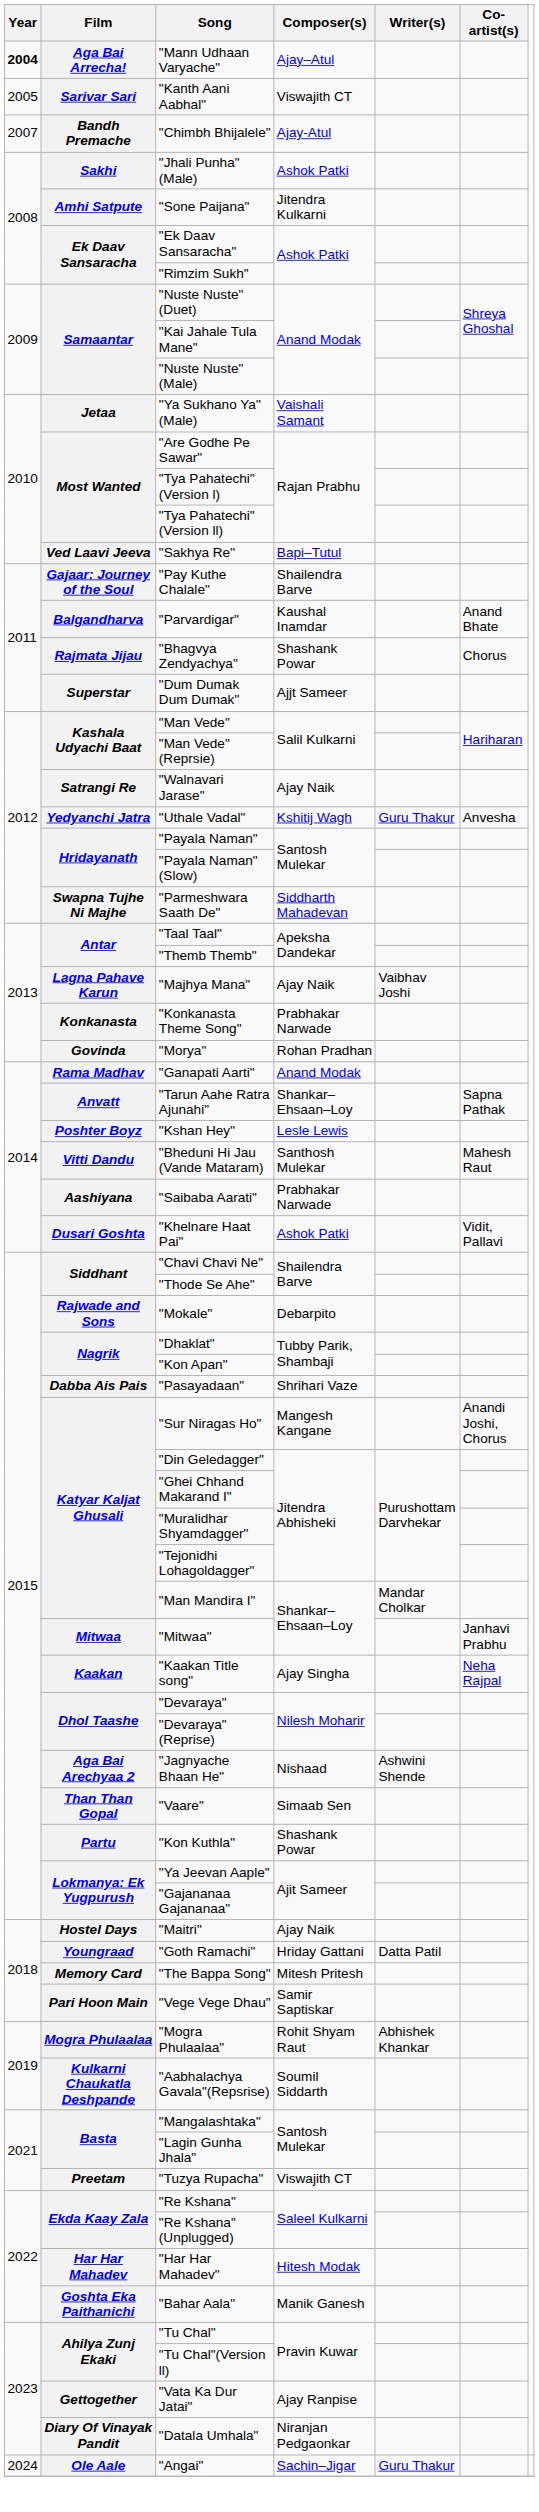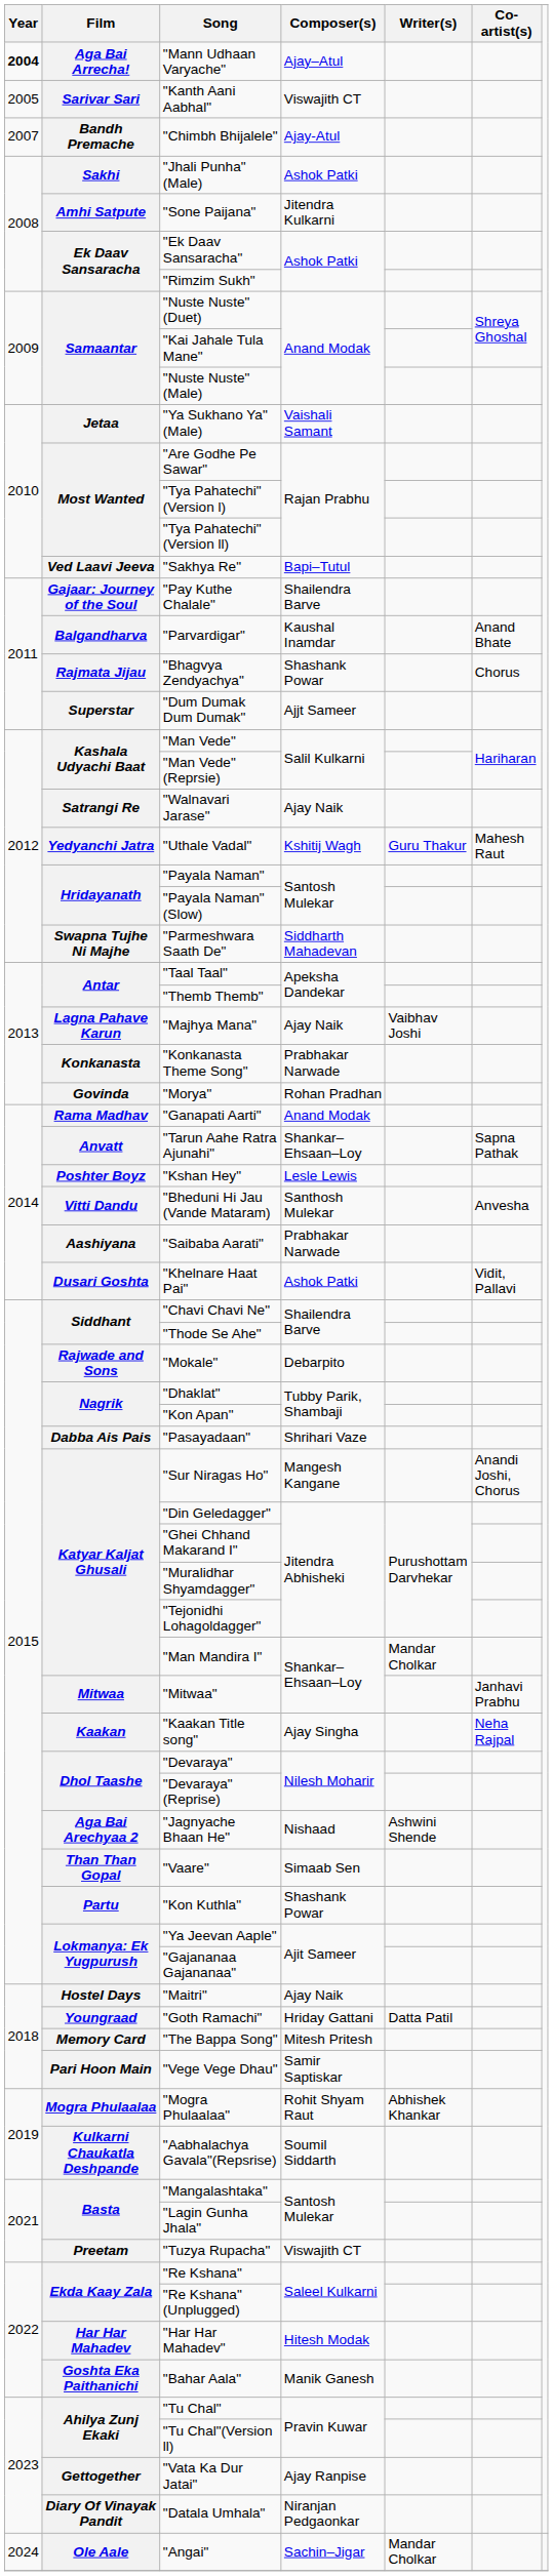 <table class="wikitable plainrowheaders" width="100%" textcolor:#000;">
 <tr style="background:#b0e0e66;">
 <th scope="col" width=5%><strong>Year</strong></th>
 <th scope="col" width=23%><strong>Film</strong></th>
 <th scope="col" width=23%><strong>Song</strong></th>
 <th scope="col" width=20%><strong>Composer(s)</strong></th>
 <th scope="col" width=16%><strong>Writer(s)</strong></th>
 <th scope="col" width=18%><strong>Co-artist(s)</strong></th>
 </tr>
 <tr>
 <td><strong>2004</strong></td>
 <th><em><a href='#'>Aga Bai Arrecha!</a></em></th>
 <td>"Mann Udhaan Varyache"</td>
 <td><a href='#'>Ajay–Atul</a></td>
 <td></td>
 <td></td>
 </tr>
 <tr>
 <td>2005</td>
 <th><em><a href='#'>Sarivar Sari</a></em></th>
 <td>"Kanth Aani Aabhal"</td>
 <td>Viswajith CT</td>
 <td></td>
 <td></td>
 </tr>
 <tr>
 <td>2007</td>
 <th><em>Bandh Premache</em></th>
 <td>"Chimbh Bhijalele"</td>
 <td><a href='#'>Ajay-Atul</a></td>
 <td></td>
 <td></td>
 </tr>
 <tr>
 <td rowspan="4">2008</td>
 <th><em><a href='#'>Sakhi</a></em></th>
 <td>"Jhali Punha"(Male)</td>
 <td><a href='#'>Ashok Patki</a></td>
 <td></td>
 <td></td>
 </tr>
 <tr>
 <th><em><a href='#'>Amhi Satpute</a></em></th>
 <td>"Sone Paijana"</td>
 <td>Jitendra Kulkarni</td>
 <td></td>
 <td></td>
 </tr>
 <tr>
 <th rowspan="2"><em>Ek Daav Sansaracha</em></th>
 <td>"Ek Daav Sansaracha"</td>
 <td rowspan="2"><a href='#'>Ashok Patki</a></td>
 <td></td>
 <td></td>
 </tr>
 <tr>
 <td>"Rimzim Sukh"</td>
 <td></td>
 <td></td>
 </tr>
 <tr>
 <td rowspan="3">2009</td>
 <th rowspan="3"><em><a href='#'>Samaantar</a></em></th>
 <td>"Nuste Nuste"(Duet)</td>
 <td rowspan="3"><a href='#'>Anand Modak</a></td>
 <td></td>
 <td rowspan="2"><a href='#'>Shreya Ghoshal</a></td>
 </tr>
 <tr>
 <td>"Kai Jahale Tula Mane"</td>
 <td></td>
 </tr>
 <tr>
 <td>"Nuste Nuste"(Male)</td>
 <td></td>
 <td></td>
 </tr>
 <tr>
 <td rowspan="5">2010</td>
 <th><em>Jetaa</em></th>
 <td>"Ya Sukhano Ya"(Male)</td>
 <td><a href='#'>Vaishali Samant</a></td>
 <td></td>
 <td></td>
 </tr>
 <tr>
 <th rowspan="3"><em>Most Wanted</em></th>
 <td>"Are Godhe Pe Sawar"</td>
 <td rowspan="3">Rajan Prabhu</td>
 <td></td>
 <td></td>
 </tr>
 <tr>
 <td>"Tya Pahatechi"(Version l)</td>
 <td></td>
 <td></td>
 </tr>
 <tr>
 <td>"Tya Pahatechi"(Version ll)</td>
 <td></td>
 <td></td>
 </tr>
 <tr>
 <th><em>Ved Laavi Jeeva</em></th>
 <td>"Sakhya Re"</td>
 <td><a href='#'>Bapi–Tutul</a></td>
 <td></td>
 <td></td>
 </tr>
 <tr>
 <td rowspan="4">2011</td>
 <th><em><a href='#'>Gajaar: Journey of the Soul</a></em></th>
 <td>"Pay Kuthe Chalale"</td>
 <td>Shailendra Barve</td>
 <td></td>
 <td></td>
 </tr>
 <tr>
 <th><em><a href='#'>Balgandharva</a></em></th>
 <td>"Parvardigar"</td>
 <td>Kaushal Inamdar</td>
 <td></td>
 <td>Anand Bhate</td>
 </tr>
 <tr>
 <th><em><a href='#'>Rajmata Jijau</a></em></th>
 <td>"Bhagvya Zendyachya"</td>
 <td>Shashank Powar</td>
 <td></td>
 <td>Chorus</td>
 </tr>
 <tr>
 <th><em>Superstar</em></th>
 <td>"Dum Dumak Dum Dumak"</td>
 <td>Ajjt Sameer</td>
 <td></td>
 <td></td>
 </tr>
 <tr>
 <td rowspan="7">2012</td>
 <th rowspan="2"><em>Kashala Udyachi Baat</em></th>
 <td>"Man Vede"</td>
 <td rowspan="2">Salil Kulkarni</td>
 <td></td>
 <td rowspan="2"><a href='#'>Hariharan</a></td>
 </tr>
 <tr>
 <td>"Man Vede"(Reprsie)</td>
 <td></td>
 </tr>
 <tr>
 <th><em>Satrangi Re</em></th>
 <td>"Walnavari Jarase"</td>
 <td>Ajay Naik</td>
 <td></td>
 <td></td>
 </tr>
 <tr>
 <th><em><a href='#'>Yedyanchi Jatra</a></em></th>
 <td>"Uthale Vadal"</td>
 <td><a href='#'>Kshitij Wagh</a></td>
 <td><a href='#'>Guru Thakur</a></td>
-<td>Anvesha</td>
+<td>Mahesh Raut</td>
 </tr>
 <tr>
 <th rowspan="2"><em><a href='#'>Hridayanath</a></em></th>
 <td>"Payala Naman"</td>
 <td rowspan="2">Santosh Mulekar</td>
 <td></td>
 <td></td>
 </tr>
 <tr>
 <td>"Payala Naman"(Slow)</td>
 <td></td>
 <td></td>
 </tr>
 <tr>
 <th><em>Swapna Tujhe Ni Majhe</em></th>
 <td>"Parmeshwara Saath De"</td>
 <td><a href='#'>Siddharth Mahadevan</a></td>
 <td></td>
 <td></td>
 </tr>
 <tr>
 <td rowspan="5">2013</td>
 <th rowspan="2"><em><a href='#'>Antar</a></em></th>
 <td>"Taal Taal"</td>
 <td rowspan="2">Apeksha Dandekar</td>
 <td></td>
 <td></td>
 </tr>
 <tr>
 <td>"Themb Themb"</td>
 <td></td>
 <td></td>
 </tr>
 <tr>
 <th><em><a href='#'>Lagna Pahave Karun</a></em></th>
 <td>"Majhya Mana"</td>
 <td>Ajay Naik</td>
 <td>Vaibhav Joshi</td>
 <td></td>
 </tr>
 <tr>
 <th><em>Konkanasta</em></th>
 <td>"Konkanasta Theme Song"</td>
 <td>Prabhakar Narwade</td>
 <td></td>
 <td></td>
 </tr>
 <tr>
 <th><em>Govinda</em></th>
 <td>"Morya"</td>
 <td>Rohan Pradhan</td>
 <td></td>
 <td></td>
 </tr>
 <tr>
 <td rowspan="6">2014</td>
 <th><em><a href='#'>Rama Madhav</a></em></th>
 <td>"Ganapati Aarti"</td>
 <td><a href='#'>Anand Modak</a></td>
 <td></td>
 <td></td>
 </tr>
 <tr>
 <th><em><a href='#'>Anvatt</a></em></th>
 <td>"Tarun Aahe Ratra Ajunahi"</td>
 <td>Shankar–Ehsaan–Loy</td>
 <td></td>
 <td>Sapna Pathak</td>
 </tr>
 <tr>
 <th><em><a href='#'>Poshter Boyz</a></em></th>
 <td>"Kshan Hey"</td>
 <td><a href='#'>Lesle Lewis</a></td>
 <td></td>
 <td></td>
 </tr>
 <tr>
 <th><em><a href='#'>Vitti Dandu</a></em></th>
 <td>"Bheduni Hi Jau (Vande Mataram)</td>
 <td>Santhosh Mulekar</td>
 <td></td>
-<td>Mahesh Raut</td>
+<td>Anvesha</td>
 </tr>
 <tr>
 <th><em>Aashiyana</em></th>
 <td>"Saibaba Aarati"</td>
 <td>Prabhakar Narwade</td>
 <td></td>
 <td></td>
 </tr>
 <tr>
 <th><em><a href='#'>Dusari Goshta</a></em></th>
 <td>"Khelnare Haat Pai"</td>
 <td><a href='#'>Ashok Patki</a></td>
 <td></td>
 <td>Vidit, Pallavi</td>
 </tr>
 <tr>
 <td rowspan="21">2015</td>
 <th rowspan="2"><em>Siddhant</em></th>
 <td>"Chavi Chavi Ne"</td>
 <td rowspan="2">Shailendra Barve</td>
 <td></td>
 <td></td>
 </tr>
 <tr>
 <td>"Thode Se Ahe"</td>
 <td></td>
 <td></td>
 </tr>
 <tr>
 <th><em><a href='#'>Rajwade and Sons</a></em></th>
 <td>"Mokale"</td>
 <td>Debarpito</td>
 <td></td>
 <td></td>
 </tr>
 <tr>
 <th rowspan="2"><em><a href='#'>Nagrik</a></em></th>
 <td>"Dhaklat"</td>
 <td rowspan="2">Tubby Parik, Shambaji</td>
 <td></td>
 <td></td>
 </tr>
 <tr>
 <td>"Kon Apan"</td>
 <td></td>
 <td></td>
 </tr>
 <tr>
 <th><em>Dabba Ais Pais</em></th>
 <td>"Pasayadaan"</td>
 <td>Shrihari Vaze</td>
 <td></td>
 <td></td>
 </tr>
 <tr>
 <th rowspan="6"><em><a href='#'>Katyar Kaljat Ghusali</a></em></th>
 <td>"Sur Niragas Ho"</td>
 <td>Mangesh Kangane</td>
 <td></td>
 <td>Anandi Joshi, Chorus</td>
 </tr>
 <tr>
 <td>"Din Geledagger"</td>
 <td rowspan="4">Jitendra Abhisheki</td>
 <td rowspan="4">Purushottam Darvhekar</td>
 <td></td>
 </tr>
 <tr>
 <td>"Ghei Chhand Makarand I"</td>
 <td></td>
 </tr>
 <tr>
 <td>"Muralidhar Shyamdagger"</td>
 <td></td>
 </tr>
 <tr>
 <td>"Tejonidhi Lohagoldagger"</td>
 <td></td>
 </tr>
 <tr>
 <td>"Man Mandira I"</td>
 <td rowspan="2">Shankar–Ehsaan–Loy</td>
 <td>Mandar Cholkar</td>
 <td></td>
 </tr>
 <tr>
 <th><em><a href='#'>Mitwaa</a></em></th>
 <td>"Mitwaa"</td>
 <td></td>
 <td>Janhavi Prabhu</td>
 </tr>
 <tr>
 <th><em><a href='#'>Kaakan</a></em></th>
 <td>"Kaakan Title song"</td>
 <td>Ajay Singha</td>
 <td></td>
 <td><a href='#'>Neha Rajpal</a></td>
 </tr>
 <tr>
 <th rowspan="2"><em><a href='#'>Dhol Taashe</a></em></th>
 <td>"Devaraya"</td>
 <td rowspan="2"><a href='#'>Nilesh Moharir</a></td>
 <td></td>
 <td></td>
 </tr>
 <tr>
 <td>"Devaraya"(Reprise)</td>
 <td></td>
 <td></td>
 </tr>
 <tr>
 <th><em><a href='#'>Aga Bai Arechyaa 2</a></em></th>
 <td>"Jagnyache Bhaan He"</td>
 <td>Nishaad</td>
 <td>Ashwini Shende</td>
 <td></td>
 </tr>
 <tr>
 <th><em><a href='#'>Than Than Gopal</a></em></th>
 <td>"Vaare"</td>
 <td>Simaab Sen</td>
 <td></td>
 <td></td>
 </tr>
 <tr>
 <th><em><a href='#'>Partu</a></em></th>
 <td>"Kon Kuthla"</td>
 <td>Shashank Powar</td>
 <td></td>
 <td></td>
 </tr>
 <tr>
 <th rowspan="2"><em><a href='#'>Lokmanya: Ek Yugpurush</a></em></th>
 <td>"Ya Jeevan Aaple"</td>
 <td rowspan="2">Ajit Sameer</td>
 <td></td>
 <td></td>
 </tr>
 <tr>
 <td>"Gajananaa Gajananaa"</td>
 <td></td>
 <td></td>
 </tr>
 <tr>
 <td rowspan="4">2018</td>
 <th><em>Hostel Days</em></th>
 <td>"Maitri"</td>
 <td>Ajay Naik</td>
 <td></td>
 <td></td>
 </tr>
 <tr>
 <th><em><a href='#'>Youngraad</a></em></th>
 <td>"Goth Ramachi"</td>
 <td>Hriday Gattani</td>
 <td>Datta Patil</td>
 <td></td>
 </tr>
 <tr>
 <th><em>Memory Card</em></th>
 <td>"The Bappa Song"</td>
 <td>Mitesh Pritesh</td>
 <td></td>
 <td></td>
 </tr>
 <tr>
 <th><em>Pari Hoon Main</em></th>
 <td>"Vege Vege Dhau"</td>
 <td>Samir Saptiskar</td>
 <td></td>
 <td></td>
 </tr>
 <tr>
 <td rowspan="2">2019</td>
 <th><em><a href='#'>Mogra Phulaalaa</a></em></th>
 <td>"Mogra Phulaalaa"</td>
 <td>Rohit Shyam Raut</td>
 <td>Abhishek Khankar</td>
 <td></td>
 </tr>
 <tr>
 <th><em><a href='#'>Kulkarni Chaukatla Deshpande</a></em></th>
 <td>"Aabhalachya Gavala"(Repsrise)</td>
 <td>Soumil Siddarth</td>
 <td></td>
 <td></td>
 </tr>
 <tr>
 <td rowspan="3">2021</td>
 <th rowspan="2"><em><a href='#'>Basta</a></em></th>
 <td>"Mangalashtaka"</td>
 <td rowspan="2">Santosh Mulekar</td>
 <td></td>
 <td></td>
 </tr>
 <tr>
 <td>"Lagin Gunha Jhala"</td>
 <td></td>
 <td></td>
 </tr>
 <tr>
 <th><em>Preetam</em></th>
 <td>"Tuzya Rupacha"</td>
 <td>Viswajith CT</td>
 <td></td>
 <td></td>
 </tr>
 <tr>
 <td rowspan="4">2022</td>
 <th rowspan="2"><em><a href='#'>Ekda Kaay Zala</a></em></th>
 <td>"Re Kshana"</td>
 <td rowspan="2"><a href='#'>Saleel Kulkarni</a></td>
 <td></td>
 <td></td>
 </tr>
 <tr>
 <td>"Re Kshana"(Unplugged)</td>
 <td></td>
 <td></td>
 </tr>
 <tr>
 <th><em><a href='#'>Har Har Mahadev</a></em></th>
 <td>"Har Har Mahadev"</td>
 <td><a href='#'>Hitesh Modak</a></td>
 <td></td>
 <td></td>
 </tr>
 <tr>
 <th><em><a href='#'>Goshta Eka Paithanichi</a></em></th>
 <td>"Bahar Aala"</td>
 <td>Manik Ganesh</td>
 <td></td>
 <td></td>
 </tr>
 <tr>
 <td rowspan="4">2023</td>
 <th rowspan="2"><em>Ahilya Zunj Ekaki</em></th>
 <td>"Tu Chal"</td>
 <td rowspan="2">Pravin Kuwar</td>
 <td></td>
 <td></td>
 </tr>
 <tr>
 <td>"Tu Chal"(Version ll)</td>
 <td></td>
 <td></td>
 </tr>
 <tr>
 <th><em>Gettogether</em></th>
 <td>"Vata Ka Dur Jatai"</td>
 <td>Ajay Ranpise</td>
 <td></td>
 <td></td>
 </tr>
 <tr>
 <th><em>Diary Of Vinayak Pandit</em></th>
 <td>"Datala Umhala"</td>
 <td>Niranjan Pedgaonkar</td>
 <td></td>
 <td></td>
 </tr>
 <tr>
 <td>2024</td>
 <th><em><a href='#'>Ole Aale</a></em></th>
 <td>"Angai"</td>
 <td><a href='#'>Sachin–Jigar</a></td>
-<td><a href='#'>Guru Thakur</a></td>
+<td>Mandar Cholkar</td>
 <td></td>
 <td></td>
 </tr>
 <tr>
 </tr>
 </table>
